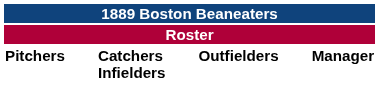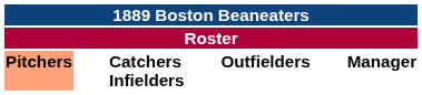 <table class="toccolours" style="font-size: 95%;">
 <tr>
 <th colspan="10" style="background-color: #0f437c; color: white; text-align: center;">1889 Boston Beaneaters</th>
 </tr>
 <tr>
 <td colspan="10" style="background-color: #af0039; color: white; text-align: center;"><strong>Roster</strong></td>
 </tr>
 <tr>
-<td valign="top"><strong>Pitchers</strong><br>    </td>
+<td valign="top" style="background: lightsalmon;"><strong>Pitchers</strong><br>    </td>
 <td width="25px"></td>
 <td valign="top"><strong>Catchers</strong><br>  <strong>Infielders</strong>      </td>
 <td width="25px"></td>
 <td valign="top"><strong>Outfielders</strong><br>   </td>
 <td width="25px"></td>
 <td valign="top"><strong>Manager</strong><br></td>
 </tr>
 </table>
